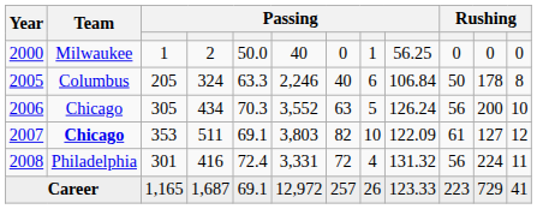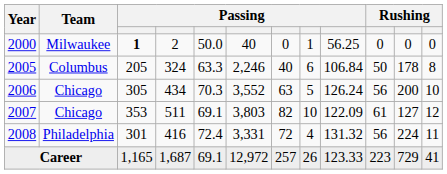 <table class="wikitable sortable" style="text-align:center">
 <tr>
 <th rowspan=2>Year</th>
 <th rowspan=2>Team</th>
 <th colspan=7>Passing</th>
 <th colspan=3>Rushing</th>
 </tr>
 <tr>
 <th></th>
 <th></th>
 <th></th>
 <th></th>
 <th></th>
 <th></th>
 <th></th>
 <th></th>
 <th></th>
 <th></th>
 </tr>
 <tr>
 <td><a href='#'>2000</a></td>
 <td><a href='#'>Milwaukee</a></td>
-<td>1</td>
+<td><strong>1</strong></td>
 <td>2</td>
 <td>50.0</td>
 <td>40</td>
 <td>0</td>
 <td>1</td>
 <td>56.25</td>
 <td>0</td>
 <td>0</td>
 <td>0</td>
 </tr>
 <tr>
 <td><a href='#'>2005</a></td>
 <td><a href='#'>Columbus</a></td>
 <td>205</td>
 <td>324</td>
 <td>63.3</td>
 <td>2,246</td>
 <td>40</td>
 <td>6</td>
 <td>106.84</td>
 <td>50</td>
 <td>178</td>
 <td>8</td>
 </tr>
 <tr>
 <td><a href='#'>2006</a></td>
 <td><a href='#'>Chicago</a></td>
 <td>305</td>
 <td>434</td>
 <td>70.3</td>
 <td>3,552</td>
 <td>63</td>
 <td>5</td>
 <td>126.24</td>
 <td>56</td>
 <td>200</td>
 <td>10</td>
 </tr>
 <tr>
 <td><a href='#'>2007</a></td>
-<td><strong><a href='#'>Chicago</a></strong></td>
+<td><a href='#'>Chicago</a></td>
 <td>353</td>
 <td>511</td>
 <td>69.1</td>
 <td>3,803</td>
 <td>82</td>
 <td>10</td>
 <td>122.09</td>
 <td>61</td>
 <td>127</td>
 <td>12</td>
 </tr>
 <tr>
 <td><a href='#'>2008</a></td>
 <td><a href='#'>Philadelphia</a></td>
 <td>301</td>
 <td>416</td>
 <td>72.4</td>
 <td>3,331</td>
 <td>72</td>
 <td>4</td>
 <td>131.32</td>
 <td>56</td>
 <td>224</td>
 <td>11</td>
 </tr>
 <tr class="sortbottom" style="background:#eee;">
 <td colspan=2><strong>Career</strong></td>
 <td>1,165</td>
 <td>1,687</td>
 <td>69.1</td>
 <td>12,972</td>
 <td>257</td>
 <td>26</td>
 <td>123.33</td>
 <td>223</td>
 <td>729</td>
 <td>41</td>
 </tr>
 </table>
